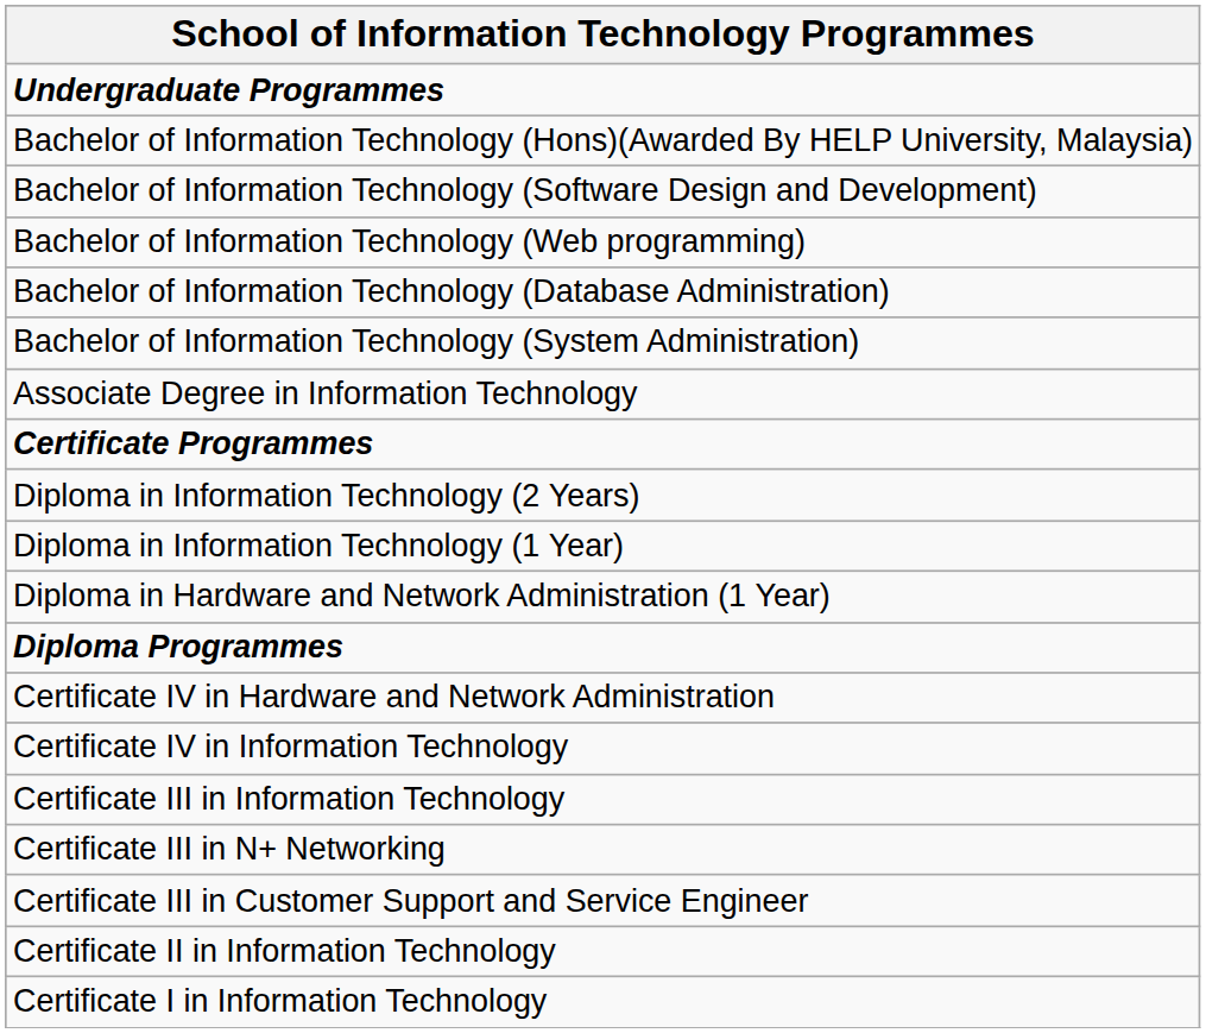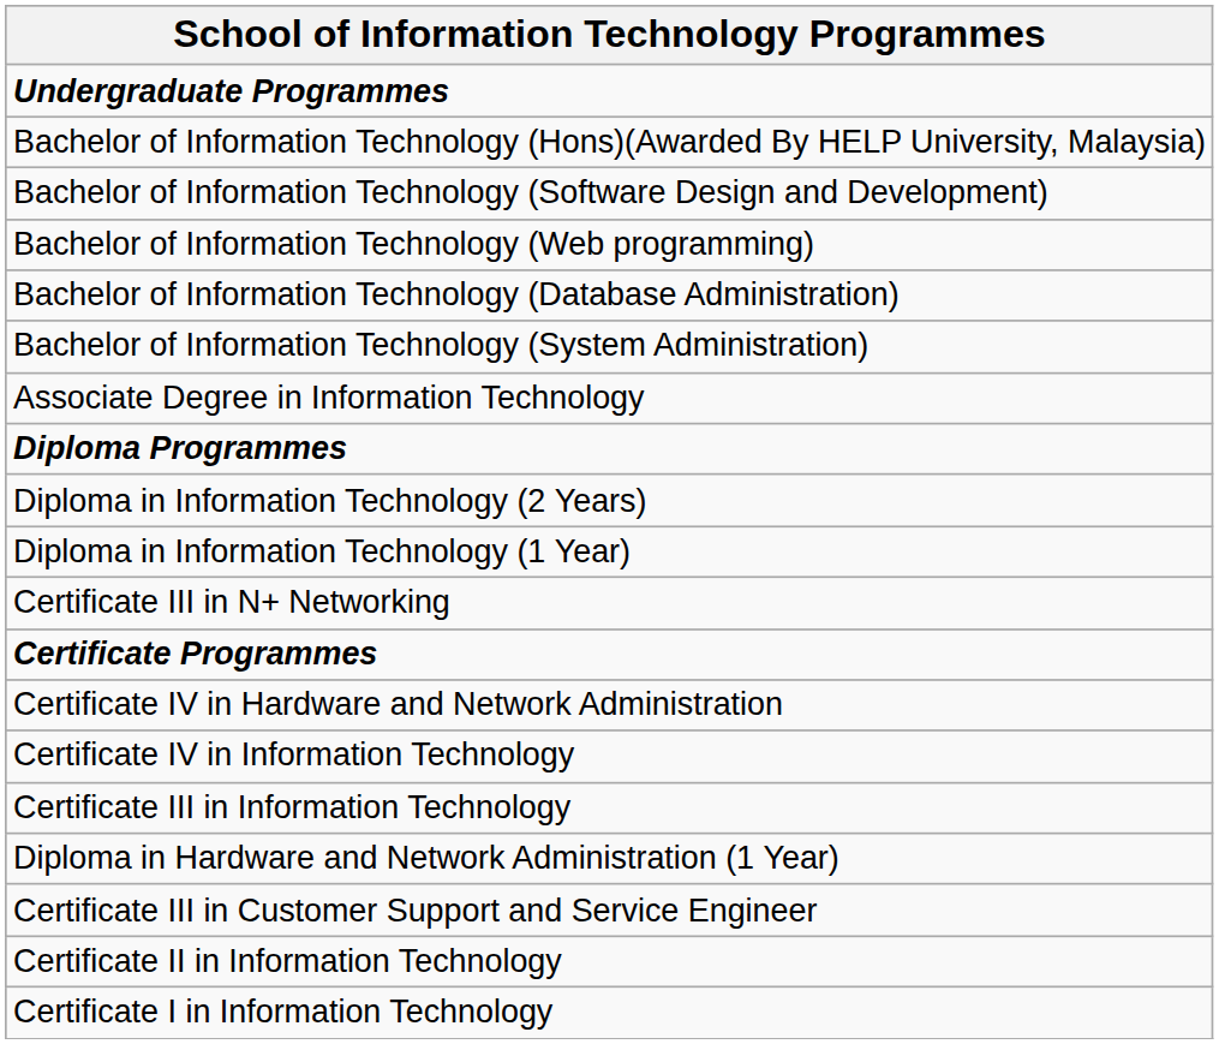 <table class="wikitable">
 <tr>
 <th><strong><big>School of Information Technology Programmes</big></strong></th>
 </tr>
 <tr>
 <td><strong><em>Undergraduate Programmes</em></strong></td>
 </tr>
 <tr>
 <td>Bachelor of Information Technology (Hons)(Awarded By HELP University, Malaysia)</td>
 </tr>
 <tr>
 <td>Bachelor of Information Technology (Software Design and Development)</td>
 </tr>
 <tr>
 <td>Bachelor of Information Technology (Web programming)</td>
 </tr>
 <tr>
 <td>Bachelor of Information Technology (Database Administration)</td>
 </tr>
 <tr>
 <td>Bachelor of Information Technology (System Administration)</td>
 </tr>
 <tr>
 <td>Associate Degree in Information Technology</td>
 </tr>
 <tr>
-<td><strong><em>Certificate Programmes</em></strong></td>
+<td><strong><em>Diploma Programmes</em></strong></td>
 </tr>
 <tr>
 <td>Diploma in Information Technology (2 Years)</td>
 </tr>
 <tr>
 <td>Diploma in Information Technology (1 Year)</td>
 </tr>
 <tr>
-<td>Diploma in Hardware and Network Administration (1 Year)</td>
+<td>Certificate III in N+ Networking</td>
 </tr>
 <tr>
-<td><strong><em>Diploma Programmes</em></strong></td>
+<td><strong><em>Certificate Programmes</em></strong></td>
 </tr>
 <tr>
 <td>Certificate IV in Hardware and Network Administration</td>
 </tr>
 <tr>
 <td>Certificate IV in Information Technology</td>
 </tr>
 <tr>
 <td>Certificate III in Information Technology</td>
 </tr>
 <tr>
-<td>Certificate III in N+ Networking</td>
+<td>Diploma in Hardware and Network Administration (1 Year)</td>
 </tr>
 <tr>
 <td>Certificate III in Customer Support and Service Engineer</td>
 </tr>
 <tr>
 <td>Certificate II in Information Technology</td>
 </tr>
 <tr>
 <td>Certificate I in Information Technology</td>
 </tr>
 <tr>
 </tr>
 </table>
